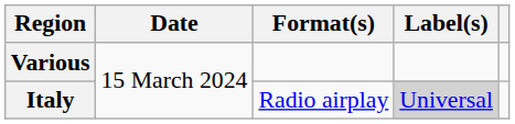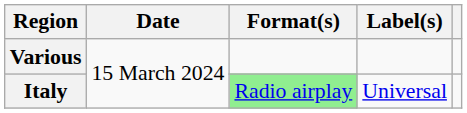 <table class="wikitable plainrowheaders">
 <tr>
 <th scope="col">Region</th>
 <th scope="col">Date</th>
 <th scope="col">Format(s)</th>
 <th scope="col">Label(s)</th>
 <th scope="col"></th>
 </tr>
 <tr>
 <th scope="row">Various</th>
 <td rowspan="2">15 March 2024</td>
 <td></td>
 <td></td>
 <td style="text-align:center;"></td>
 </tr>
 <tr>
 <th scope="row">Italy</th>
-<td><a href='#'>Radio airplay</a></td>
-<td style="background: lightgrey;"><a href='#'>Universal</a></td>
+<td style="background: lightgreen;"><a href='#'>Radio airplay</a></td>
+<td><a href='#'>Universal</a></td>
 <td style="text-align:center"></td>
 </tr>
 </table>
